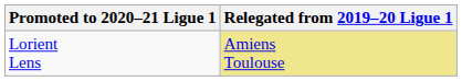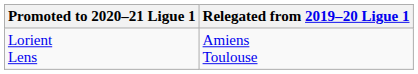 <table class="wikitable">
 <tr>
 <th>Promoted to 2020–21 Ligue 1</th>
 <th>Relegated from <a href='#'>2019–20 Ligue 1</a></th>
 </tr>
 <tr>
 <td><a href='#'>Lorient</a><br><a href='#'>Lens</a></td>
-<td style="background: khaki;"><a href='#'>Amiens</a><br><a href='#'>Toulouse</a></td>
+<td><a href='#'>Amiens</a><br><a href='#'>Toulouse</a></td>
 </tr>
 </table>
